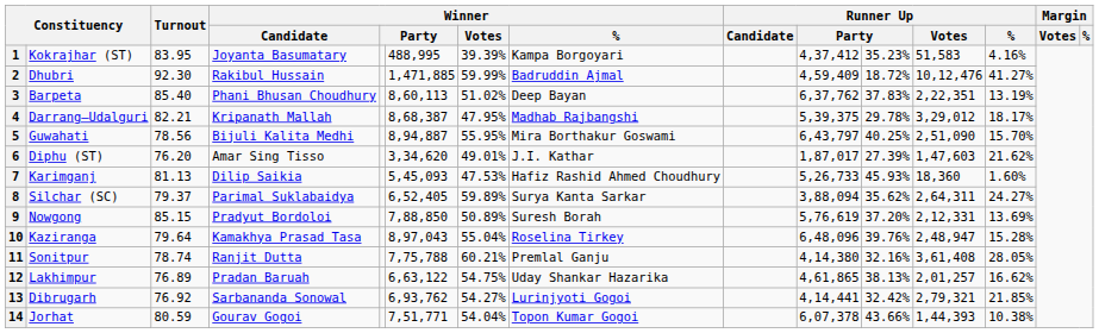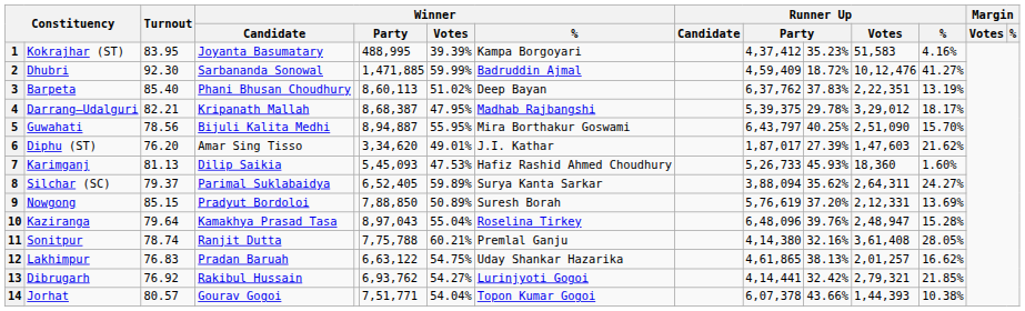 <table class="wikitable sortable">
 <tr>
 <th colspan="2" rowspan="2">Constituency</th>
 <th rowspan="2">Turnout</th>
 <th colspan="5">Winner</th>
 <th colspan="5">Runner Up</th>
 <th colspan="2">Margin</th>
 </tr>
 <tr>
 <th>Candidate</th>
 <th colspan="2">Party</th>
 <th>Votes</th>
 <th>%</th>
 <th>Candidate</th>
 <th colspan="2">Party</th>
 <th>Votes</th>
 <th>%</th>
 <th>Votes</th>
 <th>%</th>
 </tr>
 <tr>
 <th>1</th>
 <td><a href='#'>Kokrajhar</a> (ST)</td>
 <td>83.95</td>
 <td><a href='#'>Joyanta Basumatary</a></td>
 <td></td>
 <td>488,995</td>
 <td>39.39%</td>
 <td>Kampa Borgoyari</td>
 <td></td>
 <td>4,37,412</td>
 <td>35.23%</td>
 <td style="background:">51,583</td>
 <td style="background:">4.16%</td>
 </tr>
 <tr>
 <th>2</th>
 <td><a href='#'>Dhubri</a></td>
 <td>92.30</td>
-<td style="text-align: centre;"><a href='#'>Rakibul Hussain</a></td>
+<td><a href='#'>Sarbananda Sonowal</a></td>
 <td></td>
 <td>1,471,885</td>
 <td>59.99%</td>
 <td style="text-align: centre;"><a href='#'>Badruddin Ajmal</a></td>
 <td></td>
 <td>4,59,409</td>
 <td>18.72%</td>
 <td style="background:">10,12,476</td>
 <td style="background:">41.27%</td>
 </tr>
 <tr>
 <th>3</th>
 <td><a href='#'>Barpeta</a></td>
 <td>85.40</td>
 <td><a href='#'>Phani Bhusan Choudhury</a></td>
 <td></td>
 <td>8,60,113</td>
 <td>51.02%</td>
 <td>Deep Bayan</td>
 <td></td>
 <td>6,37,762</td>
 <td>37.83%</td>
 <td style="background:">2,22,351</td>
 <td style="background:">13.19%</td>
 </tr>
 <tr>
 <th>4</th>
 <td><a href='#'>Darrang–Udalguri</a></td>
 <td>82.21</td>
 <td><a href='#'>Kripanath Mallah</a></td>
 <td></td>
 <td>8,68,387</td>
 <td>47.95%</td>
 <td><a href='#'>Madhab Rajbangshi</a></td>
 <td></td>
 <td>5,39,375</td>
 <td>29.78%</td>
 <td style="background:">3,29,012</td>
 <td style="background:">18.17%</td>
 </tr>
 <tr>
 <th>5</th>
 <td><a href='#'>Guwahati</a></td>
 <td>78.56</td>
 <td><a href='#'>Bijuli Kalita Medhi</a></td>
 <td></td>
 <td>8,94,887</td>
 <td>55.95%</td>
 <td>Mira Borthakur Goswami</td>
 <td></td>
 <td>6,43,797</td>
 <td>40.25%</td>
 <td style="background:">2,51,090</td>
 <td style="background:">15.70%</td>
 </tr>
 <tr>
 <th>6</th>
 <td><a href='#'>Diphu</a> (ST)</td>
 <td>76.20</td>
 <td>Amar Sing Tisso</td>
 <td></td>
 <td>3,34,620</td>
 <td>49.01%</td>
 <td>J.I. Kathar</td>
 <td></td>
 <td>1,87,017</td>
 <td>27.39%</td>
 <td style="background:">1,47,603</td>
 <td style="background:">21.62%</td>
 </tr>
 <tr>
 <th>7</th>
 <td><a href='#'>Karimganj</a></td>
 <td>81.13</td>
 <td><a href='#'>Dilip Saikia</a></td>
 <td></td>
 <td>5,45,093</td>
 <td>47.53%</td>
 <td>Hafiz Rashid Ahmed Choudhury</td>
 <td></td>
 <td>5,26,733</td>
 <td>45.93%</td>
 <td style="background:">18,360</td>
 <td style="background:">1.60%</td>
 </tr>
 <tr>
 <th>8</th>
 <td><a href='#'>Silchar</a> (SC)</td>
 <td>79.37</td>
 <td><a href='#'>Parimal Suklabaidya</a></td>
 <td></td>
 <td>6,52,405</td>
 <td>59.89%</td>
 <td>Surya Kanta Sarkar</td>
 <td></td>
 <td>3,88,094</td>
 <td>35.62%</td>
 <td style="background:">2,64,311</td>
 <td style="background:">24.27%</td>
 </tr>
 <tr>
 <th>9</th>
 <td><a href='#'>Nowgong</a></td>
 <td>85.15</td>
 <td><a href='#'>Pradyut Bordoloi</a></td>
 <td></td>
 <td>7,88,850</td>
 <td>50.89%</td>
 <td>Suresh Borah</td>
 <td></td>
 <td>5,76,619</td>
 <td>37.20%</td>
 <td style="background:">2,12,331</td>
 <td style="background:">13.69%</td>
 </tr>
 <tr>
 <th>10</th>
 <td><a href='#'>Kaziranga</a></td>
 <td>79.64</td>
 <td><a href='#'>Kamakhya Prasad Tasa</a></td>
 <td></td>
 <td>8,97,043</td>
 <td>55.04%</td>
 <td><a href='#'>Roselina Tirkey</a></td>
 <td></td>
 <td>6,48,096</td>
 <td>39.76%</td>
 <td style="background:">2,48,947</td>
 <td style="background:">15.28%</td>
 </tr>
 <tr>
 <th>11</th>
 <td><a href='#'>Sonitpur</a></td>
 <td>78.74</td>
 <td><a href='#'>Ranjit Dutta</a></td>
 <td></td>
 <td>7,75,788</td>
 <td>60.21%</td>
 <td>Premlal Ganju</td>
 <td></td>
 <td>4,14,380</td>
 <td>32.16%</td>
 <td style="background:">3,61,408</td>
 <td style="background:">28.05%</td>
 </tr>
 <tr>
 <th>12</th>
 <td><a href='#'>Lakhimpur</a></td>
-<td>76.89</td>
+<td>76.83</td>
 <td><a href='#'>Pradan Baruah</a></td>
 <td></td>
 <td>6,63,122</td>
 <td>54.75%</td>
 <td>Uday Shankar Hazarika</td>
 <td></td>
 <td>4,61,865</td>
 <td>38.13%</td>
 <td style="background:">2,01,257</td>
 <td style="background:">16.62%</td>
 </tr>
 <tr>
 <th>13</th>
 <td><a href='#'>Dibrugarh</a></td>
 <td>76.92</td>
-<td><a href='#'>Sarbananda Sonowal</a></td>
+<td style="text-align: centre;"><a href='#'>Rakibul Hussain</a></td>
 <td></td>
 <td>6,93,762</td>
 <td>54.27%</td>
 <td><a href='#'>Lurinjyoti Gogoi</a></td>
 <td></td>
 <td>4,14,441</td>
 <td>32.42%</td>
 <td style="background:">2,79,321</td>
 <td style="background:">21.85%</td>
 </tr>
 <tr>
 <th>14</th>
 <td><a href='#'>Jorhat</a></td>
-<td>80.59</td>
+<td>80.57</td>
 <td><a href='#'>Gourav Gogoi</a></td>
 <td></td>
 <td>7,51,771</td>
 <td>54.04%</td>
 <td><a href='#'>Topon Kumar Gogoi</a></td>
 <td></td>
 <td>6,07,378</td>
 <td>43.66%</td>
 <td style="background:">1,44,393</td>
 <td style="background:">10.38%</td>
 </tr>
 </table>
